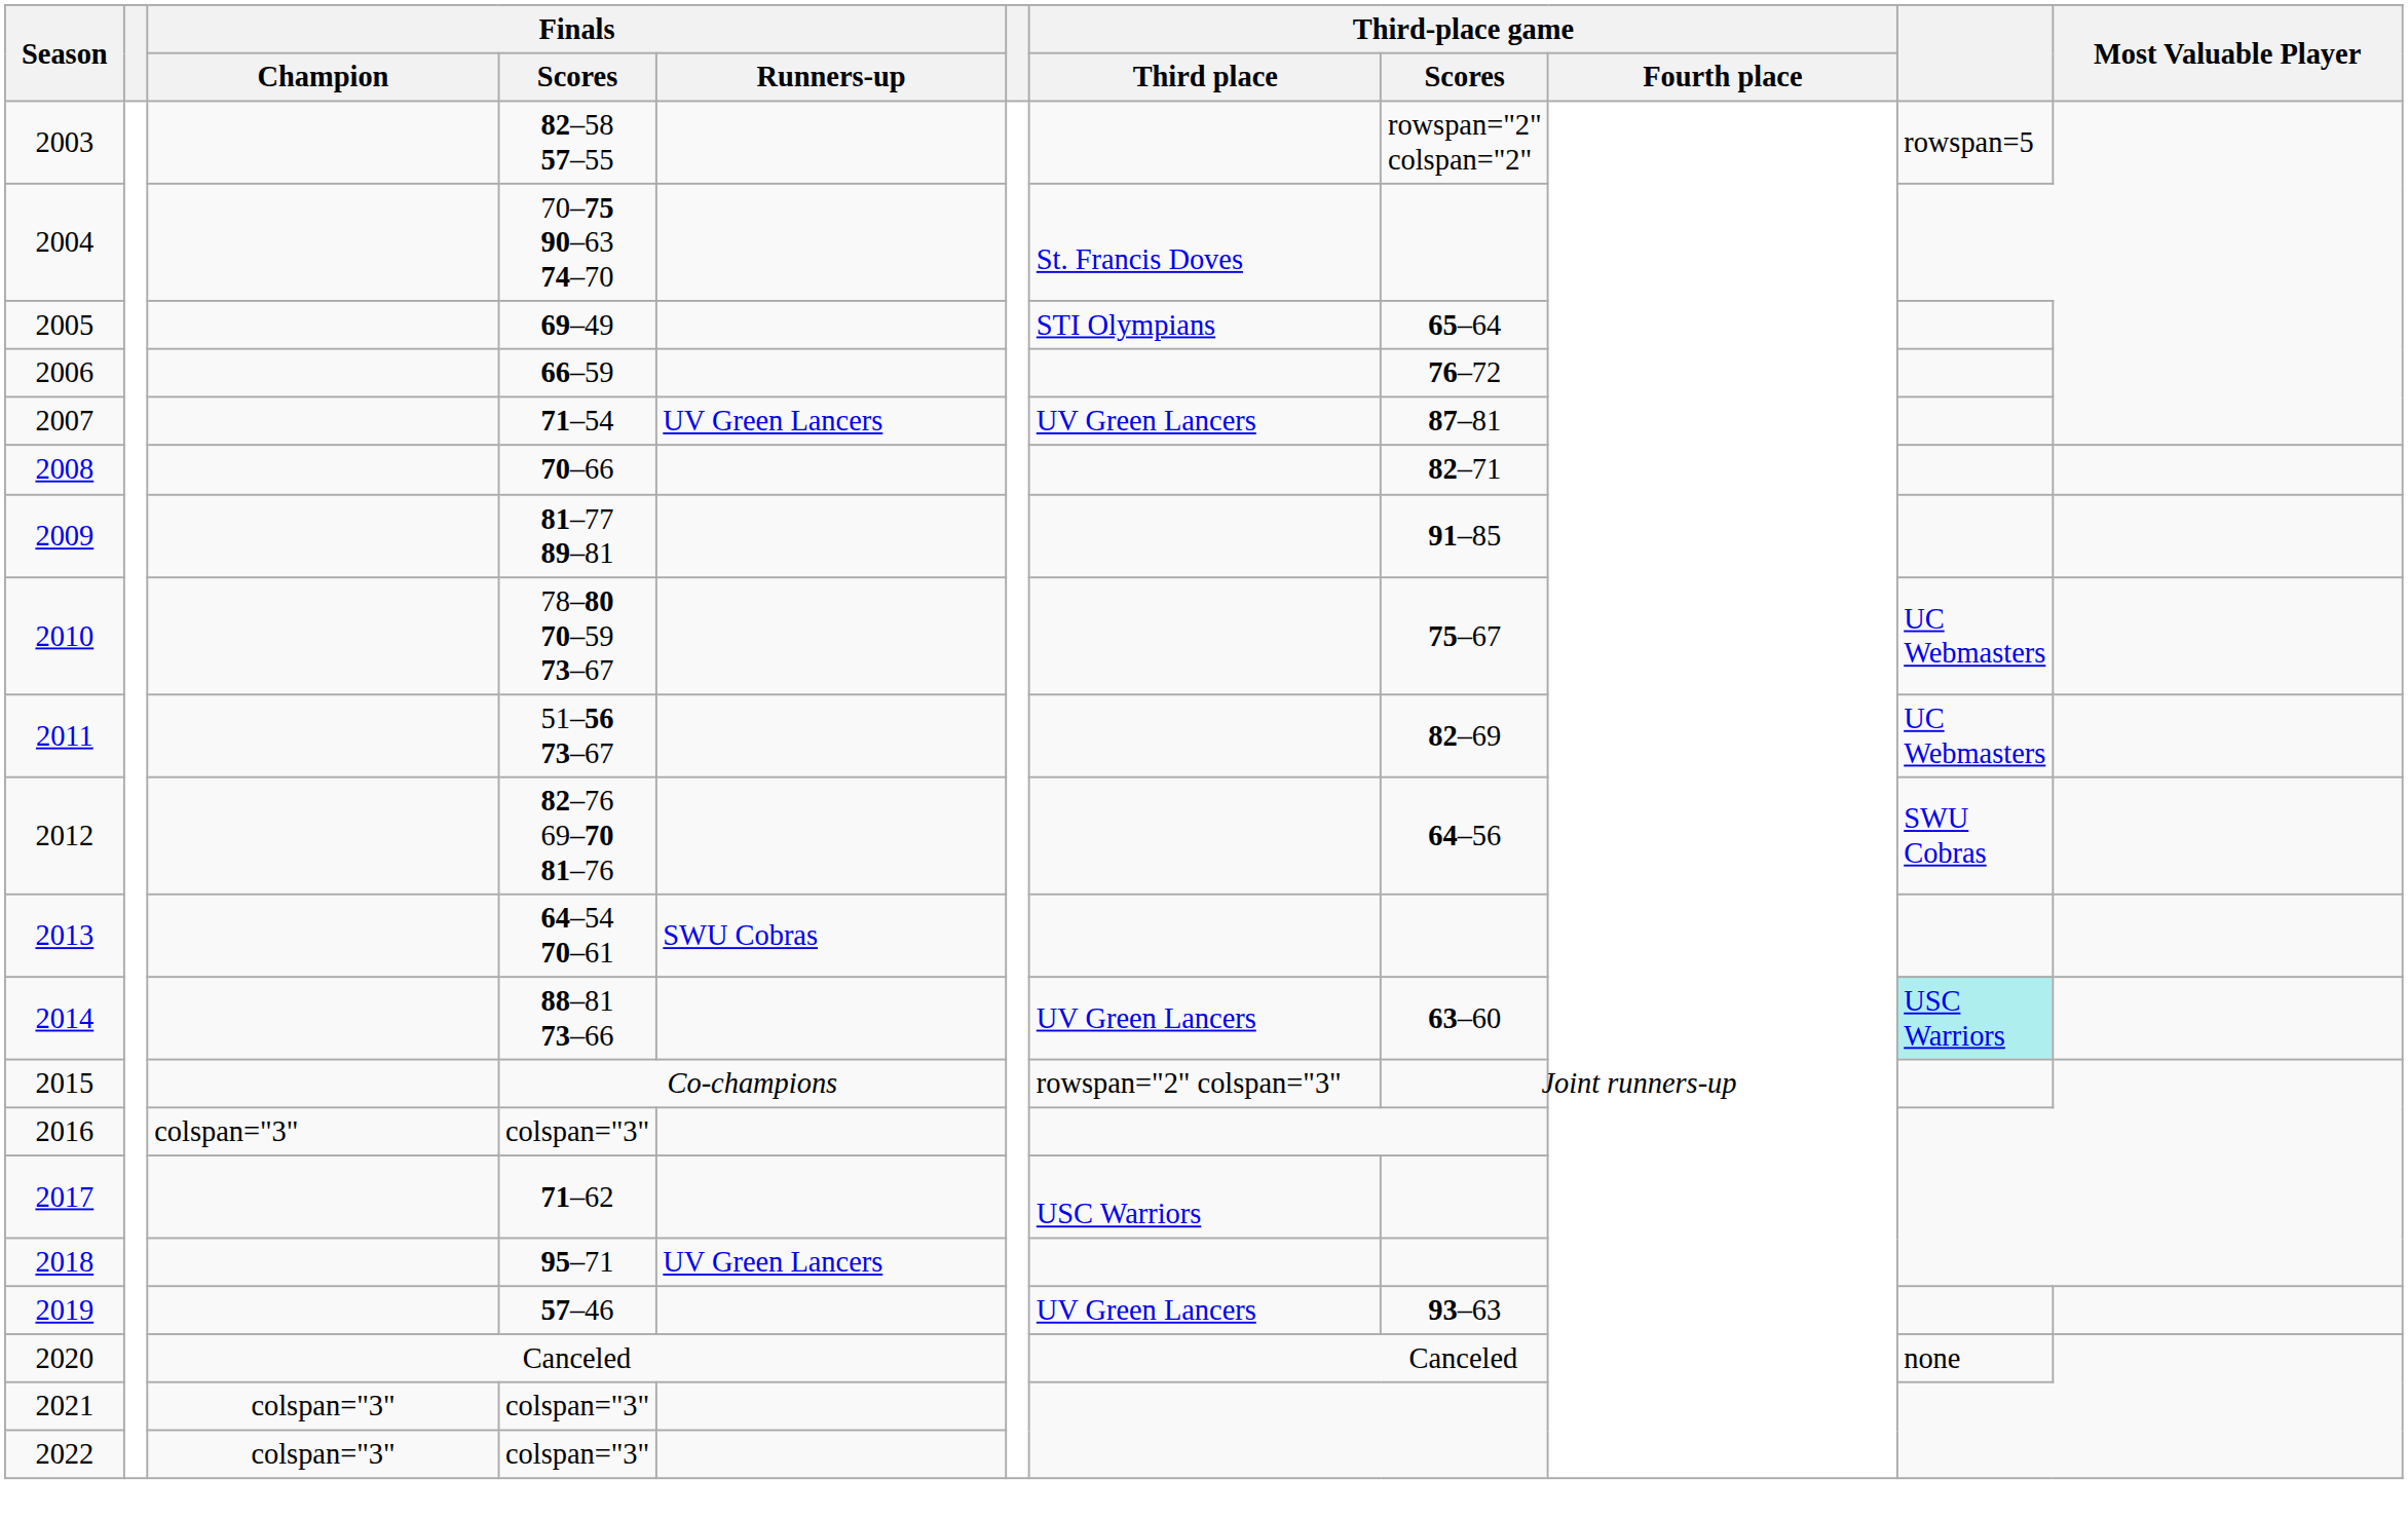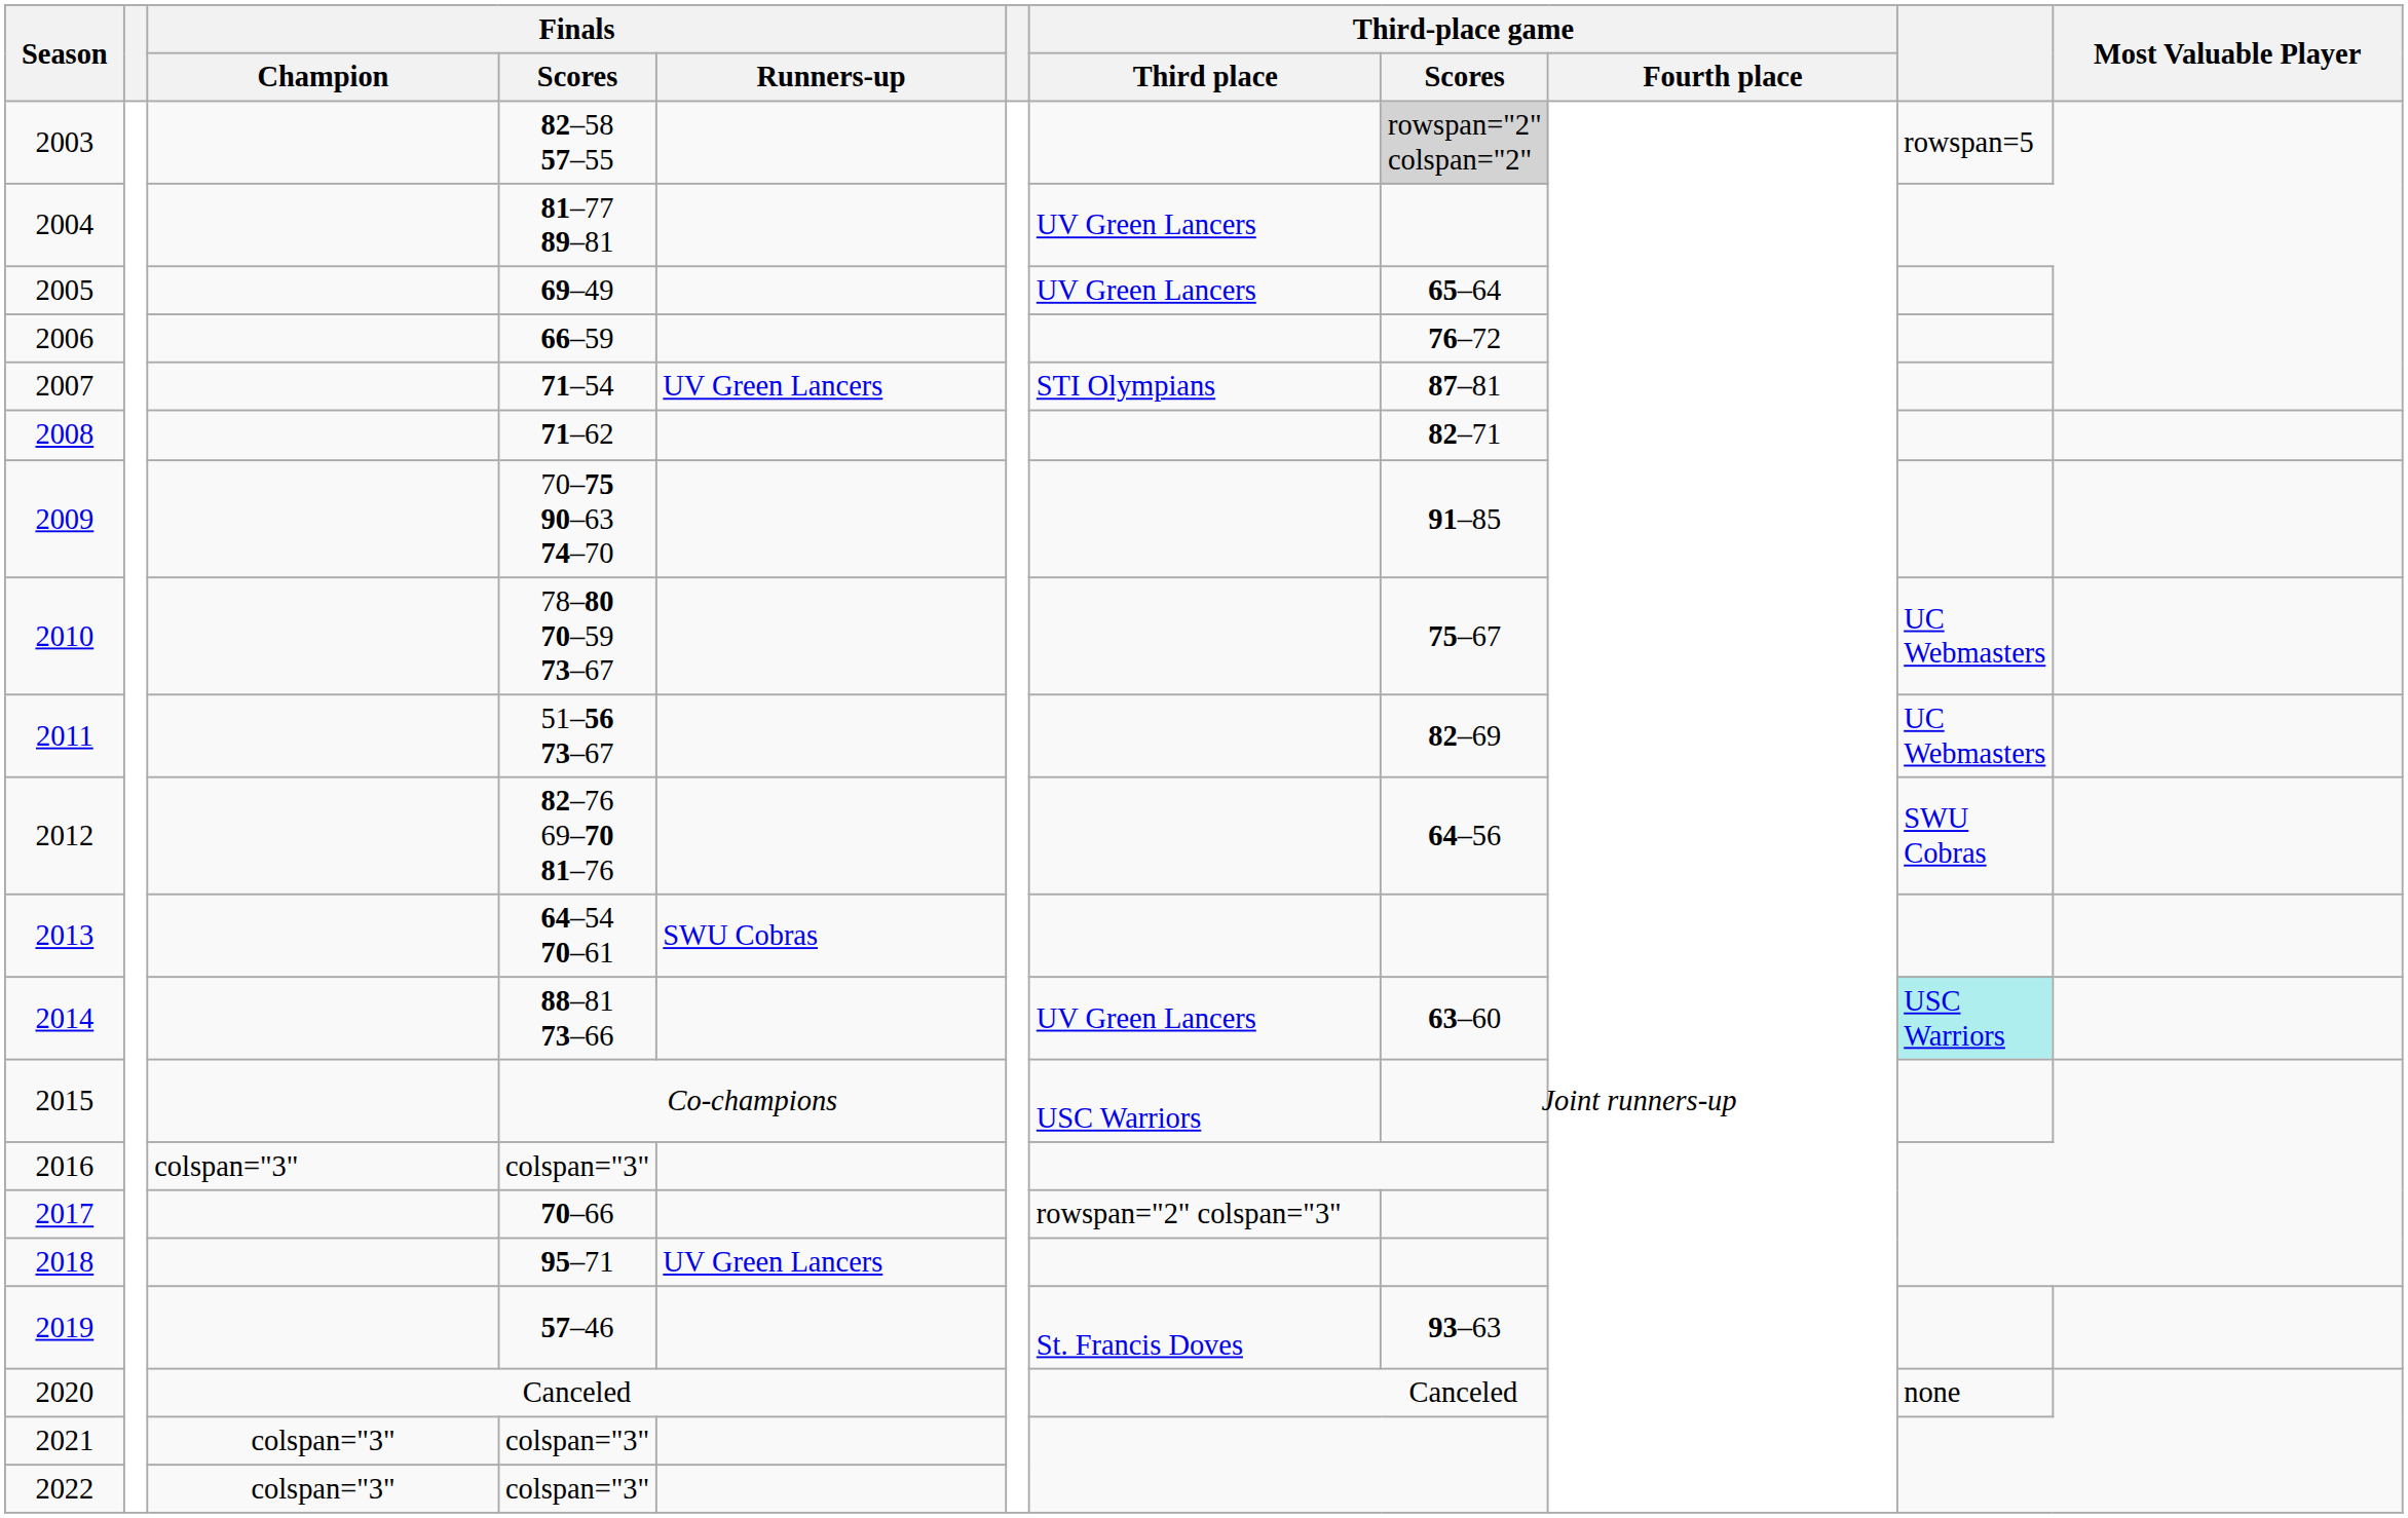 <table class="wikitable" style="text-align:left; font-size:95%;">
 <tr>
 <th width=5% rowspan=2>Season</th>
 <th width=1% rowspan=2></th>
 <th colspan=3>Finals</th>
 <th width=1% rowspan=2></th>
 <th colspan=3>Third-place game</th>
 <th width=1% rowspan=2></th>
 <th width=15% rowspan=2>Most Valuable Player</th>
 </tr>
 <tr>
 <th width=15%>Champion</th>
 <th width=6%>Scores</th>
 <th width=15%>Runners-up</th>
 <th width=15%>Third place</th>
 <th width=6%>Scores</th>
 <th width=15%>Fourth place</th>
 </tr>
 <tr>
 <td align="center">2003</td>
 <td rowspan="20" style="background-color:white;"></td>
 <td> </td>
 <td align="center"><strong>82</strong>–58<br><strong>57</strong>–55</td>
 <td> </td>
 <td rowspan="20" style="background-color:white;"></td>
 <td> </td>
-<td>rowspan="2" colspan="2" </td>
+<td style="background: lightgrey;">rowspan="2" colspan="2" </td>
 <td rowspan="20" style="background-color:white;"></td>
 <td>rowspan=5 </td>
 </tr>
 <tr>
 <td align="center">2004</td>
 <td> </td>
-<td align="center">70–<strong>75</strong><br><strong>90</strong>–63<br><strong>74</strong>–70</td>
+<td align="center"><strong>81</strong>–77<br><strong>89</strong>–81</td>
 <td> </td>
-<td> <br> <a href='#'>St. Francis Doves</a> </td>
+<td><a href='#'>UV Green Lancers</a> </td>
 </tr>
 <tr>
 <td align="center">2005</td>
 <td> </td>
 <td align="center"><strong>69</strong>–49</td>
 <td> </td>
-<td><a href='#'>STI Olympians</a> </td>
+<td><a href='#'>UV Green Lancers</a> </td>
 <td align="center"><strong>65</strong>–64</td>
 <td> </td>
 </tr>
 <tr>
 <td align="center">2006</td>
 <td> </td>
 <td align="center"><strong>66</strong>–59</td>
 <td> </td>
 <td> </td>
 <td align="center"><strong>76</strong>–72</td>
 <td> </td>
 </tr>
 <tr>
 <td align="center">2007</td>
 <td> </td>
 <td align="center"><strong>71</strong>–54</td>
 <td><a href='#'>UV Green Lancers</a> </td>
-<td><a href='#'>UV Green Lancers</a> </td>
+<td><a href='#'>STI Olympians</a> </td>
 <td align="center"><strong>87</strong>–81 </td>
 <td> </td>
 </tr>
 <tr>
 <td align="center"><a href='#'>2008</a></td>
 <td> </td>
-<td align="center"><strong>70</strong>–66</td>
+<td align="center"><strong>71</strong>–62</td>
 <td> </td>
 <td> </td>
 <td align="center"><strong>82</strong>–71</td>
 <td> </td>
 <td></td>
 </tr>
 <tr>
 <td align="center"><a href='#'>2009</a></td>
 <td> </td>
-<td align="center"><strong>81</strong>–77<br><strong>89</strong>–81</td>
+<td align="center">70–<strong>75</strong><br><strong>90</strong>–63<br><strong>74</strong>–70</td>
 <td> </td>
 <td> </td>
 <td align="center"><strong>91</strong>–85</td>
 <td> </td>
 <td></td>
 </tr>
 <tr>
 <td align="center"><a href='#'>2010</a></td>
 <td> </td>
 <td align="center">78–<strong>80</strong><br><strong>70</strong>–59<br><strong>73</strong>–67</td>
 <td> </td>
 <td> </td>
 <td align="center"><strong>75</strong>–67</td>
 <td><a href='#'>UC Webmasters</a> </td>
 <td></td>
 </tr>
 <tr>
 <td align="center"><a href='#'>2011</a></td>
 <td> </td>
 <td align="center">51–<strong>56</strong><br><strong>73</strong>–67</td>
 <td> </td>
 <td> </td>
 <td align="center"><strong>82</strong>–69</td>
 <td><a href='#'>UC Webmasters</a> </td>
 <td></td>
 </tr>
 <tr>
 <td align="center">2012</td>
 <td> </td>
 <td align="center"><strong>82</strong>–76<br>69–<strong>70</strong><br><strong>81</strong>–76</td>
 <td> </td>
 <td> </td>
 <td align="center"><strong>64</strong>–56</td>
 <td><a href='#'>SWU Cobras</a> </td>
 <td></td>
 </tr>
 <tr>
 <td align="center"><a href='#'>2013</a></td>
 <td> </td>
 <td align="center"><strong>64</strong>–54<br><strong>70</strong>–61</td>
 <td><a href='#'>SWU Cobras</a> </td>
 <td> </td>
 <td align="center"></td>
 <td> </td>
 <td></td>
 </tr>
 <tr>
 <td align="center"><a href='#'>2014</a></td>
 <td> </td>
 <td align="center"><strong>88</strong>–81<br><strong>73</strong>–66</td>
 <td> </td>
 <td><a href='#'>UV Green Lancers</a> </td>
 <td align="center"><strong>63</strong>–60</td>
 <td style="background: paleturquoise;"><a href='#'>USC Warriors</a> </td>
 <td></td>
 </tr>
 <tr>
 <td align="center">2015</td>
 <td>  <br>  </td>
 <td align="center" colspan="2"><em>Co-champions</em></td>
-<td>rowspan="2" colspan="3" </td>
+<td> <br><a href='#'>USC Warriors</a> </td>
 <td align="center" colspan="2"><em>Joint runners-up</em></td>
 <td></td>
 </tr>
 <tr>
 <td align="center">2016</td>
 <td>colspan="3" </td>
 <td>colspan="3" </td>
 <td></td>
 </tr>
 <tr>
 <td align="center"><a href='#'>2017</a></td>
 <td> </td>
-<td align="center"><strong>71</strong>–62</td>
+<td align="center"><strong>70</strong>–66</td>
 <td> </td>
-<td> <br><a href='#'>USC Warriors</a> </td>
+<td>rowspan="2" colspan="3" </td>
 <td></td>
 </tr>
 <tr>
 <td align="center"><a href='#'>2018</a></td>
 <td> </td>
 <td align="center"><strong>95</strong>–71</td>
 <td><a href='#'>UV Green Lancers</a> </td>
 <td></td>
 </tr>
 <tr>
 <td align="center"><a href='#'>2019</a></td>
 <td> </td>
 <td align="center"><strong>57</strong>–46</td>
 <td> </td>
-<td><a href='#'>UV Green Lancers</a> </td>
+<td> <br> <a href='#'>St. Francis Doves</a> </td>
 <td align="center"><strong>93</strong>–63</td>
 <td> </td>
 <td></td>
 </tr>
 <tr align="center"|>
 <td>2020</td>
 <td colspan="3">Canceled</td>
 <td colspan="3">Canceled</td>
 <td align=left>none</td>
 </tr>
 <tr align="center"|>
 <td>2021</td>
 <td>colspan="3" </td>
 <td>colspan="3" </td>
 <td></td>
 </tr>
 <tr align="center"|>
 <td>2022</td>
 <td>colspan="3" </td>
 <td>colspan="3" </td>
 <td></td>
 </tr>
 </table>
